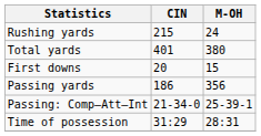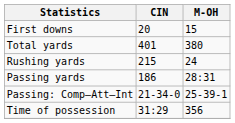 <table class="wikitable" style="float: left;">
 <tr>
 <th>Statistics</th>
 <th>CIN</th>
 <th>M-OH</th>
 </tr>
 <tr>
-<td>Rushing yards</td>
-<td>215</td>
-<td>24</td>
+<td>First downs</td>
+<td>20</td>
+<td>15</td>
 </tr>
 <tr>
 <td>Total yards</td>
 <td>401</td>
 <td>380</td>
 </tr>
 <tr>
-<td>First downs</td>
-<td>20</td>
-<td>15</td>
+<td>Rushing yards</td>
+<td>215</td>
+<td>24</td>
 </tr>
 <tr>
 <td>Passing yards</td>
 <td>186</td>
-<td>356</td>
+<td>28:31</td>
 </tr>
 <tr>
 <td>Passing: Comp–Att–Int</td>
 <td>21-34-0</td>
 <td>25-39-1</td>
 </tr>
 <tr>
 <td>Time of possession</td>
 <td>31:29</td>
-<td>28:31</td>
+<td>356</td>
 </tr>
 <tr>
 </tr>
 </table>
